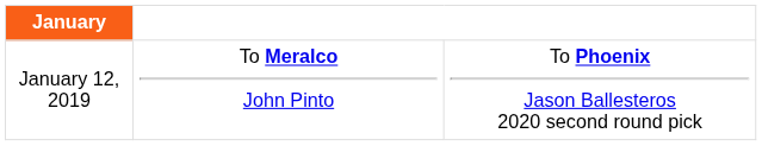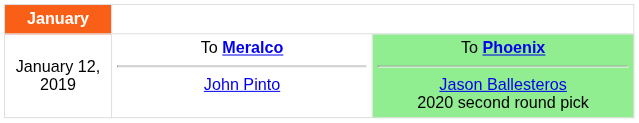 <table border=1 style="border-collapse:collapse; text-align: center; width: 100%" bordercolor="#DFDFDF"  cellpadding="5">
 <tr bgcolor="eeeeee">
 <th style="background:#F95F17; color:#FFFFFF; ">January</th>
 </tr>
 <tr>
 <td style="width:12%" rowspan=2>January 12, 2019</td>
 <td style="width:29.3%" valign="top">To <strong><a href='#'>Meralco</a></strong><hr><a href='#'>John Pinto</a></td>
-<td style="width:29.3%" valign="top">To <strong><a href='#'>Phoenix</a></strong><hr><a href='#'>Jason Ballesteros</a><br>2020 second round pick</td>
+<td style="background: lightgreen; width:29.3%" valign="top">To <strong><a href='#'>Phoenix</a></strong><hr><a href='#'>Jason Ballesteros</a><br>2020 second round pick</td>
 </tr>
 </table>
